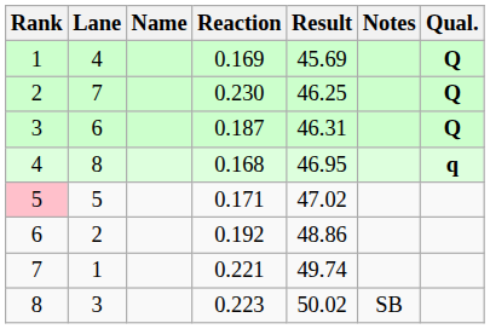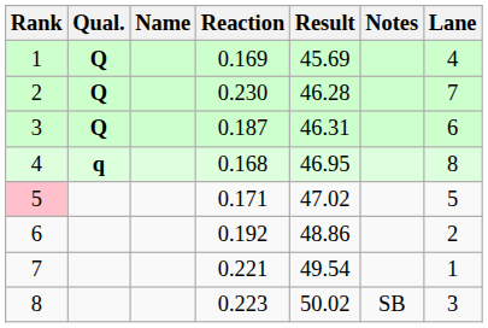 <table class="wikitable sortable" style="text-align:center">
 <tr>
 <th>Rank</th>
-<th>Lane</th>
+<th>Qual.</th>
 <th>Name</th>
 <th>Reaction</th>
 <th>Result</th>
 <th>Notes</th>
-<th>Qual.</th>
+<th>Lane</th>
 </tr>
 <tr style="background:#cfc;">
 <td>1</td>
-<td>4</td>
+<td><strong>Q</strong></td>
 <td align="left"></td>
 <td>0.169</td>
 <td>45.69</td>
 <td></td>
-<td><strong>Q</strong></td>
+<td>4</td>
 </tr>
 <tr style="background:#cfc;">
 <td>2</td>
-<td>7</td>
+<td><strong>Q</strong></td>
 <td align="left"></td>
 <td>0.230</td>
-<td>46.25</td>
+<td>46.28</td>
 <td></td>
-<td><strong>Q</strong></td>
+<td>7</td>
 </tr>
 <tr style="background:#cfc;">
 <td>3</td>
-<td>6</td>
+<td><strong>Q</strong></td>
 <td align="left"></td>
 <td>0.187</td>
 <td>46.31</td>
 <td></td>
-<td><strong>Q</strong></td>
+<td>6</td>
 </tr>
 <tr style="background:#dfd;">
 <td>4</td>
-<td>8</td>
+<td><strong>q</strong></td>
 <td align="left"></td>
 <td>0.168</td>
 <td>46.95</td>
 <td></td>
-<td><strong>q</strong></td>
+<td>8</td>
 </tr>
 <tr>
 <td style="background: pink;">5</td>
-<td>5</td>
+<td></td>
 <td align="left"></td>
 <td>0.171</td>
 <td>47.02</td>
 <td></td>
-<td></td>
+<td>5</td>
 </tr>
 <tr>
 <td>6</td>
-<td>2</td>
+<td></td>
 <td align="left"></td>
 <td>0.192</td>
 <td>48.86</td>
 <td></td>
-<td></td>
+<td>2</td>
 </tr>
 <tr>
 <td>7</td>
-<td>1</td>
+<td></td>
 <td align="left"></td>
 <td>0.221</td>
-<td>49.74</td>
+<td>49.54</td>
 <td></td>
-<td></td>
+<td>1</td>
 </tr>
 <tr>
 <td>8</td>
-<td>3</td>
+<td></td>
 <td align="left"></td>
 <td>0.223</td>
 <td>50.02</td>
 <td>SB</td>
-<td></td>
+<td>3</td>
 </tr>
 </table>
